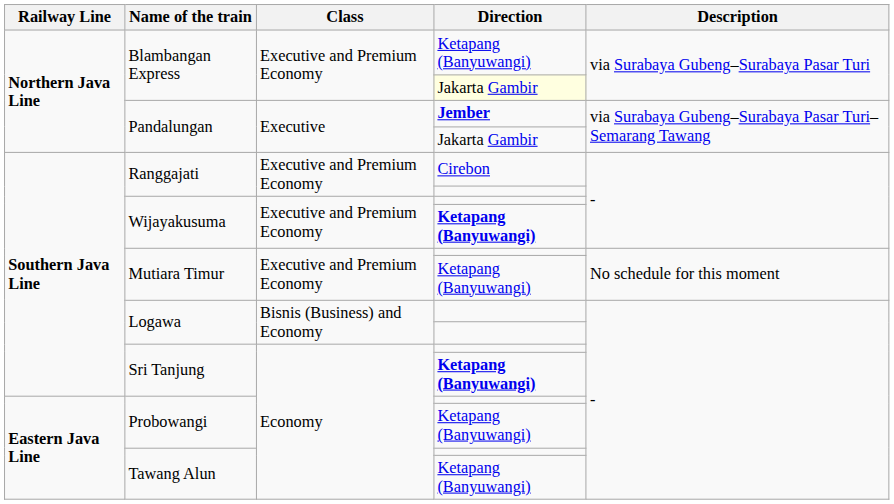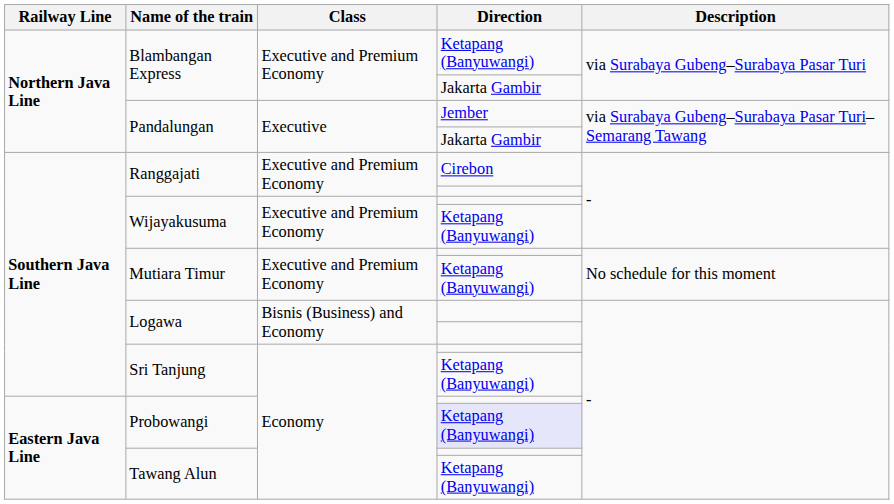 <table class="wikitable sortable">
 <tr>
 <th>Railway Line</th>
 <th>Name of the train</th>
 <th>Class</th>
 <th>Direction</th>
 <th>Description</th>
 </tr>
 <tr>
 <td rowspan="4"><strong>Northern Java Line</strong></td>
 <td rowspan="2">Blambangan Express</td>
 <td rowspan="2">Executive and Premium Economy</td>
 <td><a href='#'>Ketapang (Banyuwangi)</a></td>
 <td rowspan="2">via <a href='#'>Surabaya Gubeng</a>–<a href='#'>Surabaya Pasar Turi</a></td>
 </tr>
 <tr>
-<td style="background: lightyellow;">Jakarta <a href='#'>Gambir</a></td>
+<td>Jakarta <a href='#'>Gambir</a></td>
 </tr>
 <tr>
 <td rowspan="2">Pandalungan</td>
 <td rowspan="2">Executive</td>
-<td><strong><a href='#'>Jember</a></strong></td>
+<td><a href='#'>Jember</a></td>
 <td rowspan="2">via <a href='#'>Surabaya Gubeng</a>–<a href='#'>Surabaya Pasar Turi</a>–<a href='#'>Semarang Tawang</a></td>
 </tr>
 <tr>
 <td>Jakarta <a href='#'>Gambir</a></td>
 </tr>
 <tr>
 <td rowspan="10"><strong>Southern Java Line</strong></td>
 <td rowspan="2">Ranggajati</td>
 <td rowspan="2">Executive and Premium Economy</td>
 <td><a href='#'>Cirebon</a></td>
 <td rowspan="4">-</td>
 </tr>
 <tr>
 <td></td>
 </tr>
 <tr>
 <td rowspan="2">Wijayakusuma</td>
 <td rowspan="2">Executive and Premium Economy</td>
 <td></td>
 </tr>
 <tr>
-<td><strong><a href='#'>Ketapang (Banyuwangi)</a></strong></td>
+<td><a href='#'>Ketapang (Banyuwangi)</a></td>
 </tr>
 <tr>
 <td rowspan="2">Mutiara Timur</td>
 <td rowspan="2">Executive and Premium Economy</td>
 <td></td>
 <td rowspan="2">No schedule for this moment</td>
 </tr>
 <tr>
 <td><a href='#'>Ketapang (Banyuwangi)</a></td>
 </tr>
 <tr>
 <td rowspan="2">Logawa</td>
 <td rowspan="2">Bisnis (Business) and Economy</td>
 <td></td>
 <td rowspan="8">-</td>
 </tr>
 <tr>
 <td></td>
 </tr>
 <tr>
 <td rowspan="2">Sri Tanjung</td>
 <td rowspan="6">Economy</td>
 <td></td>
 </tr>
 <tr>
-<td><strong><a href='#'>Ketapang (Banyuwangi)</a></strong></td>
+<td><a href='#'>Ketapang (Banyuwangi)</a></td>
 </tr>
 <tr>
 <td rowspan="4"><strong>Eastern Java Line</strong></td>
 <td rowspan="2">Probowangi</td>
 <td></td>
 </tr>
 <tr>
-<td><a href='#'>Ketapang (Banyuwangi)</a></td>
+<td style="background: lavender;"><a href='#'>Ketapang (Banyuwangi)</a></td>
 </tr>
 <tr>
 <td rowspan="2">Tawang Alun</td>
 <td></td>
 </tr>
 <tr>
 <td><a href='#'>Ketapang (Banyuwangi)</a></td>
 </tr>
 </table>
